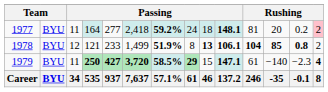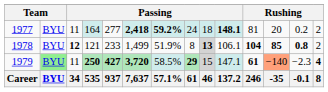 <table class="wikitable" style="text-align:center;">
 <tr>
 </tr>
 <tr>
 <th colspan=2>Team</th>
 <th colspan=8>Passing</th>
 <th colspan=4>Rushing</th>
 </tr>
 <tr>
 <td><a href='#'>1977</a></td>
 <td><a href='#'>BYU</a></td>
 <td>11</td>
 <td style="background:#cfecec;">164</td>
 <td>277</td>
-<td style="background:#cfecec;">2,418</td>
+<td style="background:#cfecec;"><strong>2,418</strong></td>
 <td style="background:#cfecec;"><strong>59.2%</strong></td>
 <td style="background:#cfecec;">24</td>
 <td style="background:#cfecec;">18</td>
 <td style="background:#cfecec;"><strong>148.1</strong></td>
 <td>81</td>
 <td>20</td>
 <td>0.2</td>
-<td style="background: pink;">2</td>
+<td>2</td>
 </tr>
 <tr>
 <td><a href='#'>1978</a></td>
 <td><a href='#'>BYU</a></td>
-<td>12</td>
+<td><strong>12</strong></td>
 <td>121</td>
 <td>233</td>
 <td>1,499</td>
-<td><strong>51.9%</strong></td>
+<td>51.9%</td>
 <td>8</td>
-<td><strong>13</strong></td>
-<td><strong>106.1</strong></td>
+<td style="background: lightgrey;"><strong>13</strong></td>
+<td>106.1</td>
 <td><strong>104</strong></td>
 <td><strong>85</strong></td>
 <td><strong>0.8</strong></td>
 <td>2</td>
 </tr>
 <tr>
 <td><a href='#'>1979</a></td>
-<td><a href='#'>BYU</a></td>
+<td style="background: lightgreen;"><a href='#'>BYU</a></td>
 <td>11</td>
 <td style="background:#afe6ba;"><strong>250</strong></td>
 <td style="background:#afe6ba;"><strong>427</strong></td>
 <td style="background:#afe6ba;"><strong>3,720</strong></td>
-<td style="background:#cfecec;"><strong>58.5%</strong></td>
+<td style="background:#cfecec;">58.5%</td>
 <td style="background:#afe6ba;"><strong>29</strong></td>
-<td>15</td>
-<td style="background:#cfecec;"><strong>147.1</strong></td>
-<td>61</td>
-<td>−140</td>
+<td style="background: lightgrey;">15</td>
+<td style="background:#cfecec;">147.1</td>
+<td><strong>61</strong></td>
+<td style="background: lightsalmon;">−140</td>
 <td>−2.3</td>
 <td><strong>4</strong></td>
 </tr>
 <tr>
 <th>Career</th>
 <th><a href='#'>BYU</a></th>
 <th>34</th>
 <th>535</th>
 <th>937</th>
 <th>7,637</th>
 <th>57.1%</th>
 <th>61</th>
 <th>46</th>
 <th>137.2</th>
 <th>246</th>
 <th>-35</th>
 <th>-0.1</th>
 <th>8</th>
 </tr>
 </table>
